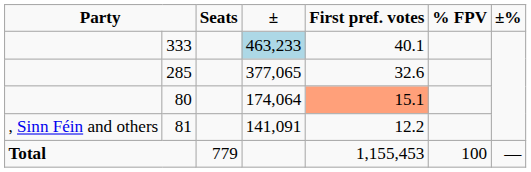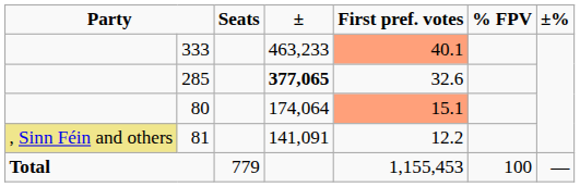 <table class="wikitable">
 <tr>
 <td colspan="2" rowspan="1" align="center" valign="top"><strong>Party</strong></td>
 <td valign="top"><strong>Seats</strong></td>
 <td valign="top" align="center"><strong>±</strong></td>
 <td valign="top"><strong>First pref. votes</strong></td>
 <td valign="top"><strong>% FPV</strong></td>
 <td valign="top" align="center"><strong>±%</strong></td>
 </tr>
 <tr>
 <td></td>
 <td align="right">333</td>
 <td align="right"></td>
-<td align="right" style="background: lightblue;">463,233</td>
-<td align="right">40.1</td>
+<td align="right">463,233</td>
+<td align="right" style="background: lightsalmon;">40.1</td>
 <td align="right"></td>
 </tr>
 <tr>
 <td></td>
 <td align="right">285</td>
 <td align="right"></td>
-<td align="right">377,065</td>
+<td align="right"><strong>377,065</strong></td>
 <td align="right">32.6</td>
 <td align="right"></td>
 </tr>
 <tr>
 <td></td>
 <td align="right">80</td>
 <td align="right"></td>
 <td align="right">174,064</td>
 <td align="right" style="background: lightsalmon;">15.1</td>
 <td align="right"></td>
 </tr>
 <tr>
-<td>, <a href='#'>Sinn Féin</a> and others</td>
+<td style="background: khaki;">, <a href='#'>Sinn Féin</a> and others</td>
 <td align="right">81</td>
 <td align="right"></td>
 <td align="right">141,091</td>
 <td align="right">12.2</td>
 <td align="right"></td>
 </tr>
 <tr>
 <td colspan="2" rowspan="1"><strong>Total</strong></td>
 <td align="right">779</td>
 <td align="right"></td>
 <td align="right">1,155,453</td>
 <td align="right">100</td>
 <td align="right">—</td>
 </tr>
 </table>
